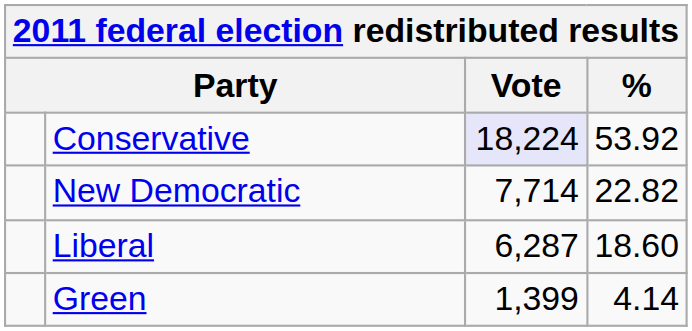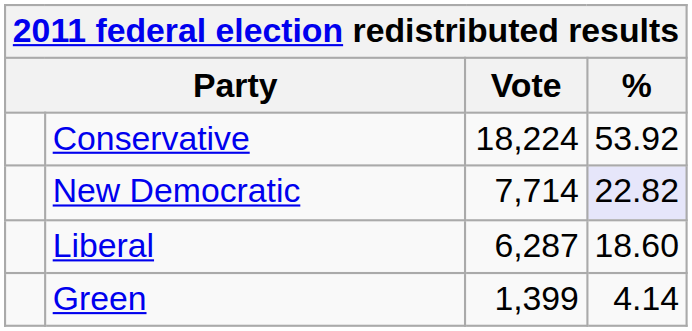 <table class="wikitable">
 <tr>
 <th colspan="4"><a href='#'>2011 federal election</a> redistributed results</th>
 </tr>
 <tr>
 <th bgcolor="#DDDDFF" width="130px" colspan="2">Party</th>
 <th bgcolor="#DDDDFF" width="50px">Vote</th>
 <th bgcolor="#DDDDFF" width="30px">%</th>
 </tr>
 <tr>
 <td> </td>
 <td><a href='#'>Conservative</a></td>
-<td align="right" style="background: lavender;">18,224</td>
+<td align="right">18,224</td>
 <td align="right">53.92</td>
 </tr>
 <tr>
 <td> </td>
 <td><a href='#'>New Democratic</a></td>
 <td align="right">7,714</td>
-<td align="right">22.82</td>
+<td align="right" style="background: lavender;">22.82</td>
 </tr>
 <tr>
 <td> </td>
 <td><a href='#'>Liberal</a></td>
 <td align="right">6,287</td>
 <td align="right">18.60</td>
 </tr>
 <tr>
 <td> </td>
 <td><a href='#'>Green</a></td>
 <td align="right">1,399</td>
 <td align="right">4.14</td>
 </tr>
 </table>
